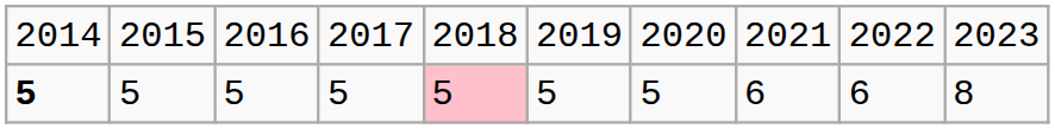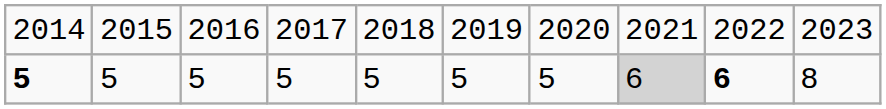 <table class="wikitable" border="1">
 <tr>
 <td>2014</td>
 <td>2015</td>
 <td>2016</td>
 <td>2017</td>
 <td>2018</td>
 <td>2019</td>
 <td>2020</td>
 <td>2021</td>
 <td>2022</td>
 <td>2023</td>
 </tr>
 <tr>
 <td><strong>5</strong></td>
 <td>5</td>
 <td>5</td>
 <td>5</td>
-<td style="background: pink;">5</td>
 <td>5</td>
 <td>5</td>
-<td>6</td>
-<td>6</td>
+<td>5</td>
+<td style="background: lightgrey;">6</td>
+<td><strong>6</strong></td>
 <td>8</td>
 </tr>
 </table>
